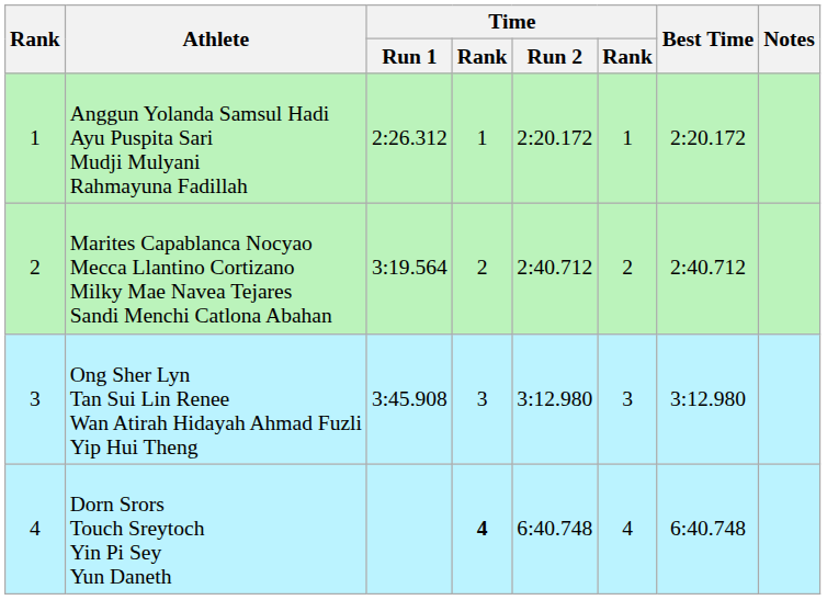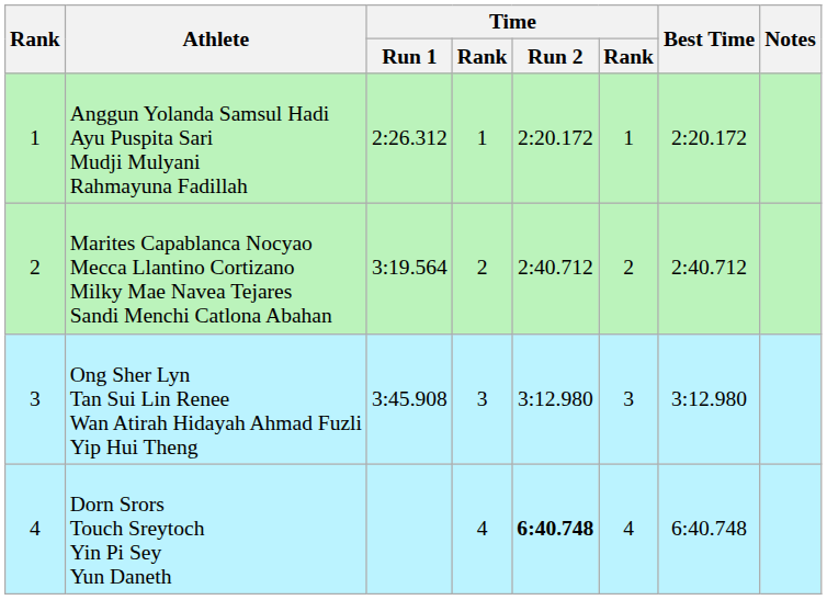 <table class="wikitable sortable" style="text-align:center">
 <tr>
 <th rowspan="2">Rank</th>
 <th rowspan="2">Athlete</th>
 <th colspan="4">Time</th>
 <th rowspan="2">Best Time</th>
 <th rowspan="2">Notes</th>
 </tr>
 <tr>
 <th>Run 1</th>
 <th>Rank</th>
 <th>Run 2</th>
 <th>Rank</th>
 </tr>
 <tr bgcolor=bbf3bb>
 <td>1</td>
 <td align="left"><br>Anggun Yolanda Samsul Hadi<br>Ayu Puspita Sari<br>Mudji Mulyani<br>Rahmayuna Fadillah</td>
 <td>2:26.312</td>
 <td>1</td>
 <td>2:20.172</td>
 <td>1</td>
 <td>2:20.172</td>
 <td></td>
 </tr>
 <tr bgcolor=bbf3bb>
 <td>2</td>
 <td align="left"><br>Marites Capablanca Nocyao<br>Mecca Llantino Cortizano<br>Milky Mae Navea Tejares<br>Sandi Menchi Catlona Abahan</td>
 <td>3:19.564</td>
 <td>2</td>
 <td>2:40.712</td>
 <td>2</td>
 <td>2:40.712</td>
 <td></td>
 </tr>
 <tr bgcolor=BBF3FF>
 <td>3</td>
 <td align="left"><br>Ong Sher Lyn<br>Tan Sui Lin Renee<br>Wan Atirah Hidayah Ahmad Fuzli<br>Yip Hui Theng</td>
 <td>3:45.908</td>
 <td>3</td>
 <td>3:12.980</td>
 <td>3</td>
 <td>3:12.980</td>
 <td></td>
 </tr>
 <tr bgcolor=BBF3FF>
 <td>4</td>
 <td align="left"><br>Dorn Srors<br>Touch Sreytoch<br>Yin Pi Sey<br>Yun Daneth</td>
 <td></td>
-<td><strong>4</strong></td>
-<td>6:40.748</td>
+<td>4</td>
+<td><strong>6:40.748</strong></td>
 <td>4</td>
 <td>6:40.748</td>
 <td></td>
 </tr>
 </table>
